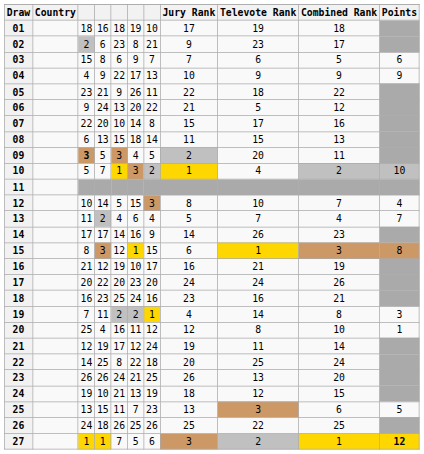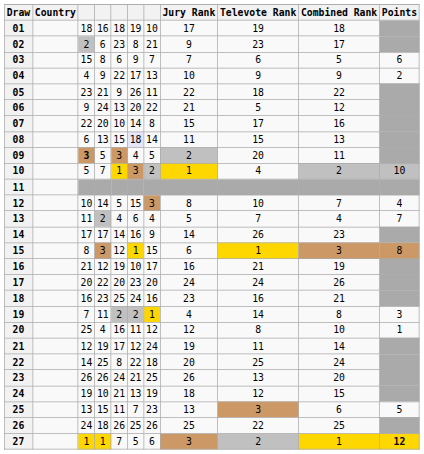 <table class="sortable wikitable collapsible plainrowheaders" style="text-align:center">
 <tr>
 </tr>
 <tr>
 <th scope="col">Draw</th>
 <th scope="col">Country</th>
 <th scope="col"></th>
 <th scope="col"></th>
 <th scope="col"></th>
 <th scope="col"></th>
 <th scope="col"></th>
 <th scope="col">Jury Rank</th>
 <th scope="col">Televote Rank</th>
 <th scope="col">Combined Rank</th>
 <th scope="col">Points</th>
 </tr>
 <tr>
 <th scope="row" style="text-align:center;">01</th>
 <td style="text-align:left;"></td>
 <td>18</td>
 <td>16</td>
 <td>18</td>
 <td>19</td>
 <td>10</td>
 <td>17</td>
 <td>19</td>
 <td>18</td>
 <td style="background:#AAAAAA;"></td>
 </tr>
 <tr>
 <th scope="row" style="text-align:center;">02</th>
 <td style="text-align:left;"></td>
 <td style="background:silver;">2</td>
 <td>6</td>
 <td>23</td>
 <td>8</td>
 <td>21</td>
 <td>9</td>
 <td>23</td>
 <td>17</td>
 <td style="background:#AAAAAA;"></td>
 </tr>
 <tr>
 <th scope="row" style="text-align:center;">03</th>
 <td style="text-align:left;"></td>
 <td>15</td>
 <td>8</td>
 <td>6</td>
 <td>9</td>
 <td>7</td>
 <td>7</td>
 <td>6</td>
 <td>5</td>
 <td>6</td>
 </tr>
 <tr>
 <th scope="row" style="text-align:center;">04</th>
 <td style="text-align:left;"></td>
 <td>4</td>
 <td>9</td>
 <td>22</td>
 <td>17</td>
 <td>13</td>
 <td>10</td>
 <td>9</td>
 <td>9</td>
-<td>9</td>
+<td>2</td>
 </tr>
 <tr>
 <th scope="row" style="text-align:center;">05</th>
 <td style="text-align:left;"></td>
 <td>23</td>
 <td>21</td>
 <td>9</td>
 <td>26</td>
 <td>11</td>
 <td>22</td>
 <td>18</td>
 <td>22</td>
 <td style="background:#AAAAAA;"></td>
 </tr>
 <tr>
 <th scope="row" style="text-align:center;">06</th>
 <td style="text-align:left;"></td>
 <td>9</td>
 <td>24</td>
 <td>13</td>
 <td>20</td>
 <td>22</td>
 <td>21</td>
 <td>5</td>
 <td>12</td>
 <td style="background:#AAAAAA;"></td>
 </tr>
 <tr>
 <th scope="row" style="text-align:center;">07</th>
 <td style="text-align:left;"></td>
 <td>22</td>
 <td>20</td>
 <td>10</td>
 <td>14</td>
 <td>8</td>
 <td>15</td>
 <td>17</td>
 <td>16</td>
 <td style="background:#AAAAAA;"></td>
 </tr>
 <tr>
 <th scope="row" style="text-align:center;">08</th>
 <td style="text-align:left;"></td>
 <td>6</td>
 <td>13</td>
 <td>15</td>
-<td>18</td>
+<td style="background: lavender;">18</td>
 <td>14</td>
 <td>11</td>
 <td>15</td>
 <td>13</td>
 <td style="background:#AAAAAA;"></td>
 </tr>
 <tr>
 <th scope="row" style="text-align:center;">09</th>
 <td style="text-align:left;"></td>
 <td style="background:#CC9966;"><strong>3</strong></td>
 <td>5</td>
 <td style="background:#CC9966;">3</td>
 <td>4</td>
 <td>5</td>
 <td style="background:silver;">2</td>
 <td>20</td>
 <td>11</td>
 <td style="background:#AAAAAA;"></td>
 </tr>
 <tr>
 <th scope="row" style="text-align:center;">10</th>
 <td style="text-align:left;"></td>
 <td>5</td>
 <td>7</td>
 <td style="background:gold;">1</td>
 <td style="background:#CC9966;">3</td>
 <td style="background:silver;">2</td>
 <td style="background:gold;">1</td>
 <td>4</td>
 <td style="background:silver;">2</td>
 <td style="background:silver;">10</td>
 </tr>
 <tr class="sortbottom">
 <th scope="row" style="text-align:center;">11</th>
 <td style="text-align:left;"></td>
 <td style="background:#AAAAAA;"></td>
 <td style="background:#AAAAAA;"></td>
 <td style="background:#AAAAAA;"></td>
 <td style="background:#AAAAAA;"></td>
 <td style="background:#AAAAAA;"></td>
 <td style="background:#AAAAAA;"></td>
 <td style="background:#AAAAAA;"></td>
 <td style="background:#AAAAAA;"></td>
 <td style="background:#AAAAAA;"></td>
 </tr>
 <tr>
 <th scope="row" style="text-align:center;">12</th>
 <td style="text-align:left;"></td>
 <td>10</td>
 <td>14</td>
 <td>5</td>
 <td>15</td>
 <td style="background:#CC9966;">3</td>
 <td>8</td>
 <td>10</td>
 <td>7</td>
 <td>4</td>
 </tr>
 <tr>
 <th scope="row" style="text-align:center;">13</th>
 <td style="text-align:left;"></td>
 <td>11</td>
 <td style="background:silver;">2</td>
 <td>4</td>
 <td>6</td>
 <td>4</td>
 <td>5</td>
 <td>7</td>
 <td>4</td>
 <td>7</td>
 </tr>
 <tr>
 <th scope="row" style="text-align:center;">14</th>
 <td style="text-align:left;"></td>
 <td>17</td>
 <td>17</td>
 <td>14</td>
 <td>16</td>
 <td>9</td>
 <td>14</td>
 <td>26</td>
 <td>23</td>
 <td style="background:#AAAAAA;"></td>
 </tr>
 <tr>
 <th scope="row" style="text-align:center;">15</th>
 <td style="text-align:left;"></td>
 <td>8</td>
 <td style="background:#CC9966;">3</td>
 <td>12</td>
 <td style="background:gold;">1</td>
 <td>15</td>
 <td>6</td>
 <td style="background:gold;">1</td>
 <td style="background:#CC9966;">3</td>
 <td style="background:#CC9966;">8</td>
 </tr>
 <tr>
 <th scope="row" style="text-align:center;">16</th>
 <td style="text-align:left;"></td>
 <td>21</td>
 <td>12</td>
 <td>19</td>
 <td>10</td>
 <td>17</td>
 <td>16</td>
 <td>21</td>
 <td>19</td>
 <td style="background:#AAAAAA;"></td>
 </tr>
 <tr>
 <th scope="row" style="text-align:center;">17</th>
 <td style="text-align:left;"></td>
 <td>20</td>
 <td>22</td>
 <td>20</td>
 <td>23</td>
 <td>20</td>
 <td>24</td>
 <td>24</td>
 <td>26</td>
 <td style="background:#AAAAAA;"></td>
 </tr>
 <tr>
 <th scope="row" style="text-align:center;">18</th>
 <td style="text-align:left;"></td>
 <td>16</td>
 <td>23</td>
 <td>25</td>
 <td>24</td>
 <td>16</td>
 <td>23</td>
 <td>16</td>
 <td>21</td>
 <td style="background:#AAAAAA;"></td>
 </tr>
 <tr>
 <th scope="row" style="text-align:center;">19</th>
 <td style="text-align:left;"></td>
 <td>7</td>
 <td>11</td>
 <td style="background:silver;">2</td>
 <td style="background:silver;">2</td>
 <td style="background:gold;">1</td>
 <td>4</td>
 <td>14</td>
 <td>8</td>
 <td>3</td>
 </tr>
 <tr>
 <th scope="row" style="text-align:center;">20</th>
 <td style="text-align:left;"></td>
 <td>25</td>
 <td>4</td>
 <td>16</td>
 <td>11</td>
 <td>12</td>
 <td>12</td>
 <td>8</td>
 <td>10</td>
 <td>1</td>
 </tr>
 <tr>
 <th scope="row" style="text-align:center;">21</th>
 <td style="text-align:left;"></td>
 <td>12</td>
 <td>19</td>
 <td>17</td>
 <td>12</td>
 <td>24</td>
 <td>19</td>
 <td>11</td>
 <td>14</td>
 <td style="background:#AAAAAA;"></td>
 </tr>
 <tr>
 <th scope="row" style="text-align:center;">22</th>
 <td style="text-align:left;"></td>
 <td>14</td>
 <td>25</td>
 <td>8</td>
 <td>22</td>
 <td>18</td>
 <td>20</td>
 <td>25</td>
 <td>24</td>
 <td style="background:#AAAAAA;"></td>
 </tr>
 <tr>
 <th scope="row" style="text-align:center;">23</th>
 <td style="text-align:left;"></td>
 <td>26</td>
 <td>26</td>
 <td>24</td>
 <td>21</td>
 <td>25</td>
 <td>26</td>
 <td>13</td>
 <td>20</td>
 <td style="background:#AAAAAA;"></td>
 </tr>
 <tr>
 <th scope="row" style="text-align:center;">24</th>
 <td style="text-align:left;"></td>
 <td>19</td>
 <td>10</td>
 <td>21</td>
 <td>13</td>
 <td>19</td>
 <td>18</td>
 <td>12</td>
 <td>15</td>
 <td style="background:#AAAAAA;"></td>
 </tr>
 <tr>
 <th scope="row" style="text-align:center;">25</th>
 <td style="text-align:left;"></td>
 <td>13</td>
 <td>15</td>
 <td>11</td>
 <td>7</td>
 <td>23</td>
 <td>13</td>
 <td style="background:#CC9966;">3</td>
 <td>6</td>
 <td>5</td>
 </tr>
 <tr>
 <th scope="row" style="text-align:center;">26</th>
 <td style="text-align:left;"></td>
 <td>24</td>
 <td>18</td>
 <td>26</td>
 <td>25</td>
 <td>26</td>
 <td>25</td>
 <td>22</td>
 <td>25</td>
 <td style="background:#AAAAAA;"></td>
 </tr>
 <tr>
 <th scope="row" style="text-align:center;">27</th>
 <td style="text-align:left;"></td>
 <td style="background:gold;">1</td>
 <td style="background:gold;">1</td>
 <td>7</td>
 <td>5</td>
 <td>6</td>
 <td style="background:#CC9966;">3</td>
 <td style="background:silver;">2</td>
 <td style="background:gold;">1</td>
 <td style="background:gold;"><strong>12</strong></td>
 </tr>
 </table>
